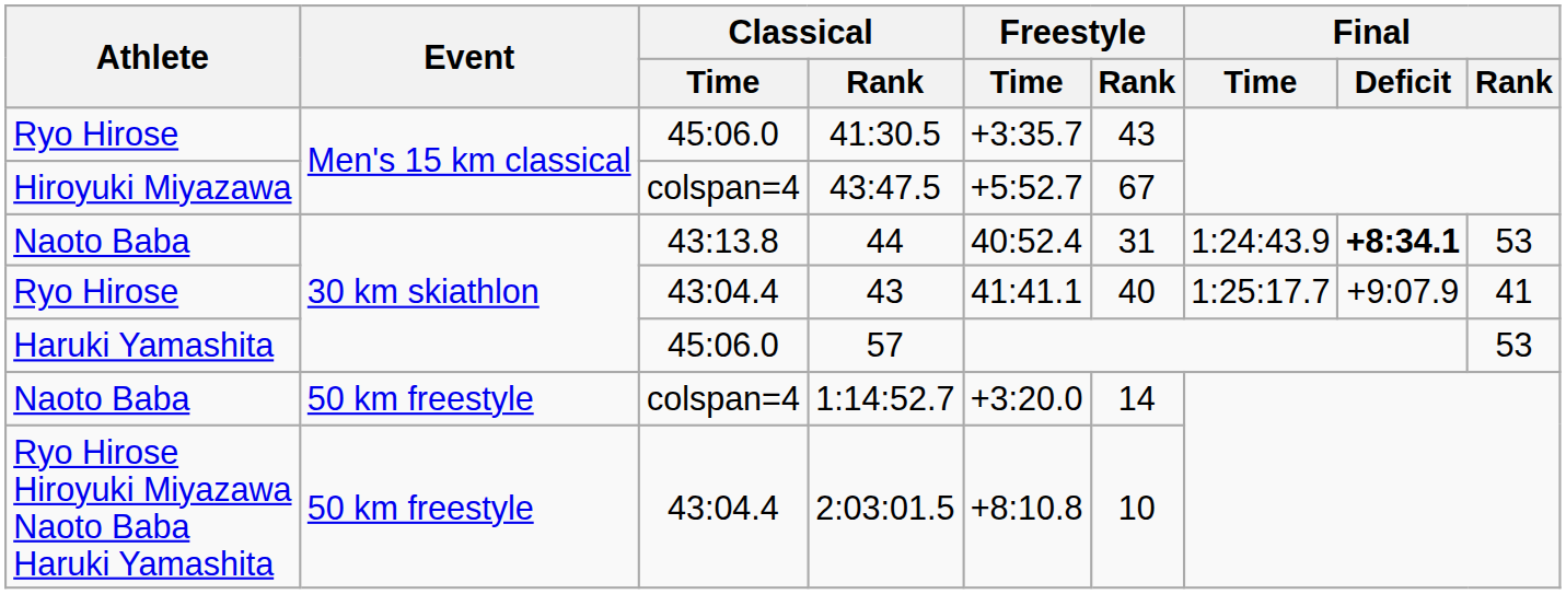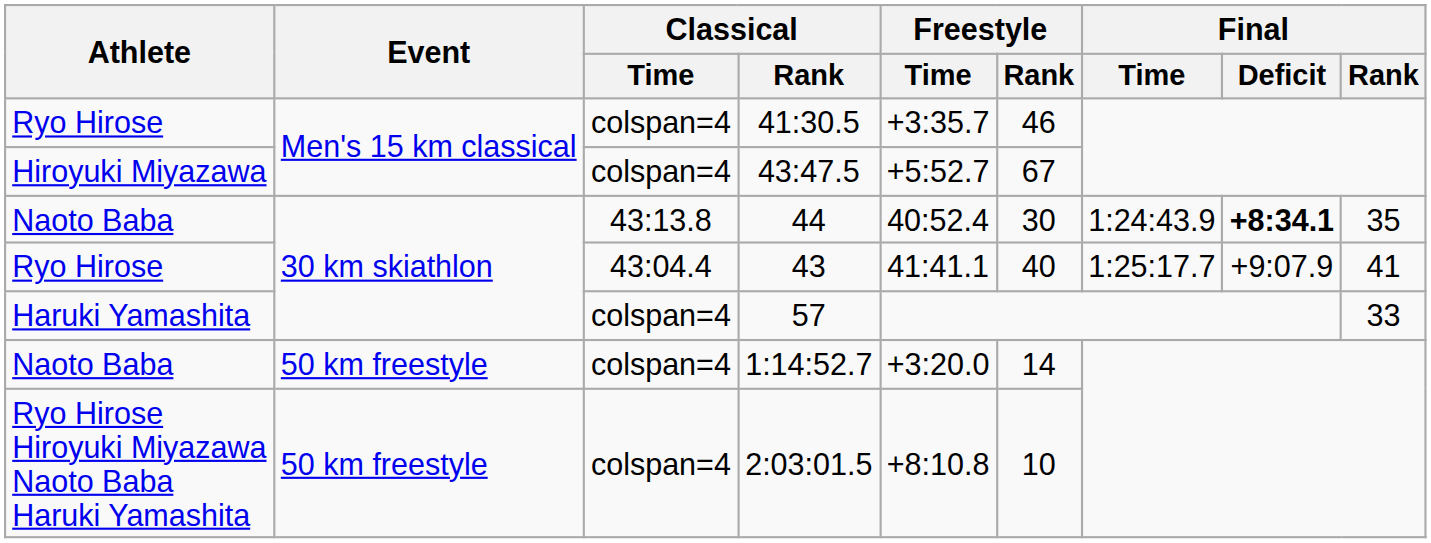 <table class="wikitable" style="font-size:90%">
 <tr>
 <th rowspan=2>Athlete</th>
 <th rowspan=2>Event</th>
 <th colspan=2>Classical</th>
 <th colspan=2>Freestyle</th>
 <th colspan=3>Final</th>
 </tr>
 <tr style="font-size: 95%">
 <th>Time</th>
 <th>Rank</th>
 <th>Time</th>
 <th>Rank</th>
 <th>Time</th>
 <th>Deficit</th>
 <th>Rank</th>
 </tr>
 <tr align=center>
 <td align=left><a href='#'>Ryo Hirose</a></td>
 <td align=left rowspan=2><a href='#'>Men's 15 km classical</a></td>
-<td>45:06.0</td>
+<td>colspan=4 </td>
 <td>41:30.5</td>
 <td>+3:35.7</td>
-<td>43</td>
+<td>46</td>
 </tr>
 <tr align=center>
 <td align=left><a href='#'>Hiroyuki Miyazawa</a></td>
 <td>colspan=4 </td>
 <td>43:47.5</td>
 <td>+5:52.7</td>
 <td>67</td>
 </tr>
 <tr align=center>
 <td align=left><a href='#'>Naoto Baba</a></td>
 <td align=left rowspan=3><a href='#'>30 km skiathlon</a></td>
 <td>43:13.8</td>
 <td>44</td>
 <td>40:52.4</td>
-<td>31</td>
+<td>30</td>
 <td>1:24:43.9</td>
 <td><strong>+8:34.1</strong></td>
-<td>53</td>
+<td>35</td>
 </tr>
 <tr align=center>
 <td align=left><a href='#'>Ryo Hirose</a></td>
 <td>43:04.4</td>
 <td>43</td>
 <td>41:41.1</td>
 <td>40</td>
 <td>1:25:17.7</td>
 <td>+9:07.9</td>
 <td>41</td>
 </tr>
 <tr align=center>
 <td align=left><a href='#'>Haruki Yamashita</a></td>
-<td>45:06.0</td>
+<td>colspan=4  </td>
 <td>57</td>
 <td colspan=4></td>
-<td>53</td>
+<td>33</td>
 </tr>
 <tr align=center>
 <td align=left><a href='#'>Naoto Baba</a></td>
 <td align=left><a href='#'>50 km freestyle</a></td>
 <td>colspan=4  </td>
 <td>1:14:52.7</td>
 <td>+3:20.0</td>
 <td>14</td>
 </tr>
 <tr align=center>
 <td align=left><a href='#'>Ryo Hirose</a><br><a href='#'>Hiroyuki Miyazawa</a><br><a href='#'>Naoto Baba</a><br><a href='#'>Haruki Yamashita</a></td>
 <td align=left><a href='#'>50 km freestyle</a></td>
-<td>43:04.4</td>
+<td>colspan=4 </td>
 <td>2:03:01.5</td>
 <td>+8:10.8</td>
 <td>10</td>
 </tr>
 </table>
